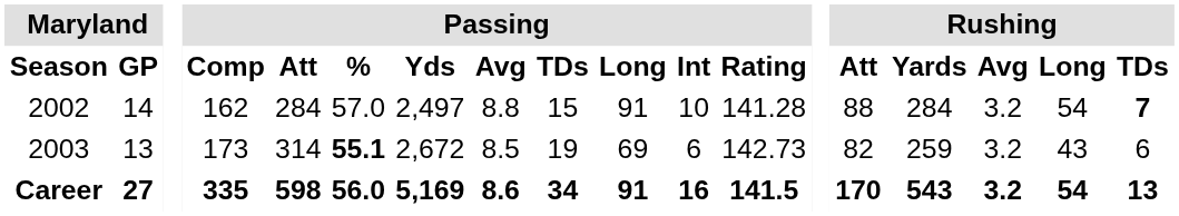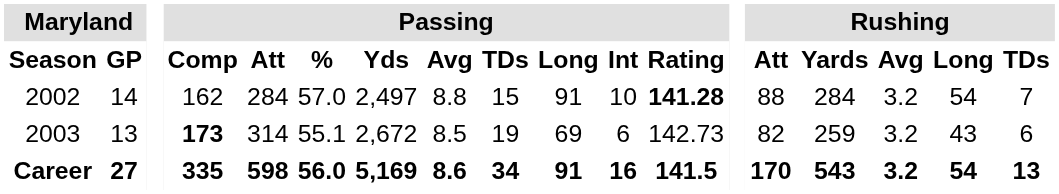 <table BORDER="0" CELLPADDING="3" CELLSPACING="0" ID="Table3" border="2">
 <tr ALIGN="center" bgcolor="#e0e0e0">
 <th ALIGN="center" colspan="2"> Maryland</th>
 <th ALIGN="center" rowspan="99" bgcolor="#ffffff"> </th>
 <th ALIGN="center" colspan="9">Passing</th>
 <th ALIGN="center" rowspan="99" bgcolor="#ffffff"> </th>
 <th ALIGN="center" colspan="9">Rushing</th>
 </tr>
 <tr ALIGN="center">
 <th ALIGN="center">Season</th>
 <th ALIGN="center">GP</th>
 <th ALIGN="center">Comp</th>
 <th ALIGN="center">Att</th>
 <th ALIGN="center">%</th>
 <th ALIGN="center">Yds</th>
 <th ALIGN="center">Avg</th>
 <th ALIGN="center">TDs</th>
 <th ALIGN="center">Long</th>
 <th ALIGN="center">Int</th>
 <th ALIGN="center">Rating</th>
 <th ALIGN="center">Att</th>
 <th ALIGN="center">Yards</th>
 <th ALIGN="center">Avg</th>
 <th ALIGN="center">Long</th>
 <th ALIGN="center">TDs</th>
 </tr>
 <tr ALIGN="center">
 <td ALIGN="center">2002</td>
 <td ALIGN="center">14</td>
 <td ALIGN="center">162</td>
 <td ALIGN="center">284</td>
 <td ALIGN="center">57.0</td>
 <td ALIGN="center">2,497</td>
 <td ALIGN="center">8.8</td>
 <td ALIGN="center">15</td>
 <td ALIGN="center">91</td>
 <td ALIGN="center">10</td>
-<td ALIGN="center">141.28</td>
+<td ALIGN="center"><strong>141.28</strong></td>
 <td ALIGN="center">88</td>
 <td ALIGN="center">284</td>
 <td ALIGN="center">3.2</td>
 <td ALIGN="center">54</td>
-<td ALIGN="center"><strong>7</strong></td>
+<td ALIGN="center">7</td>
 </tr>
 <tr ALIGN="center">
 <td ALIGN="center">2003</td>
 <td ALIGN="center">13</td>
-<td ALIGN="center">173</td>
+<td ALIGN="center"><strong>173</strong></td>
 <td ALIGN="center">314</td>
-<td ALIGN="center"><strong>55.1</strong></td>
+<td ALIGN="center">55.1</td>
 <td ALIGN="center">2,672</td>
 <td ALIGN="center">8.5</td>
 <td ALIGN="center">19</td>
 <td ALIGN="center">69</td>
 <td ALIGN="center">6</td>
 <td ALIGN="center">142.73</td>
 <td ALIGN="center">82</td>
 <td ALIGN="center">259</td>
 <td ALIGN="center">3.2</td>
 <td ALIGN="center">43</td>
 <td ALIGN="center">6</td>
 </tr>
 <tr ALIGN="center">
 <th ALIGN="center">Career</th>
 <th ALIGN="center">27</th>
 <th ALIGN="center">335</th>
 <th ALIGN="center">598</th>
 <th ALIGN="center">56.0</th>
 <th ALIGN="center">5,169</th>
 <th ALIGN="center">8.6</th>
 <th ALIGN="center">34</th>
 <th ALIGN="center">91</th>
 <th ALIGN="center">16</th>
 <th ALIGN="center">141.5</th>
 <th ALIGN="center">170</th>
 <th ALIGN="center">543</th>
 <th ALIGN="center">3.2</th>
 <th ALIGN="center">54</th>
 <th ALIGN="center">13</th>
 </tr>
 </table>
